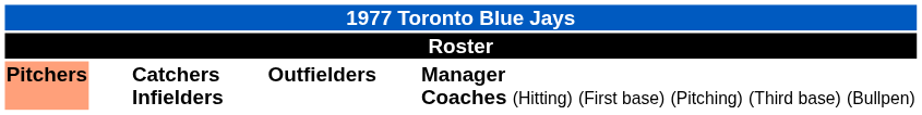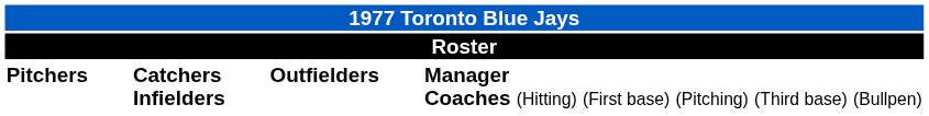 <table class="toccolours" style="font-size: 95%;">
 <tr>
 <th colspan="10" style="background-color: #005ac0; color: white; text-align: center;">1977 Toronto Blue Jays</th>
 </tr>
 <tr>
 <td colspan="10" style="background-color: black; color: white; text-align: center;"><strong>Roster</strong></td>
 </tr>
 <tr>
-<td valign="top" style="background: lightsalmon;"><strong>Pitchers</strong><br>              </td>
+<td valign="top"><strong>Pitchers</strong><br>              </td>
 <td width="25px"></td>
 <td valign="top"><strong>Catchers</strong><br>    <strong>Infielders</strong>          </td>
 <td width="25px"></td>
 <td valign="top"><strong>Outfielders</strong><br>      </td>
 <td width="25px"></td>
 <td valign="top"><strong>Manager</strong><br> <strong>Coaches</strong>  <small>(Hitting)</small>  <small>(First base)</small>  <small>(Pitching)</small>  <small>(Third base)</small>  <small>(Bullpen)</small></td>
 </tr>
 </table>
